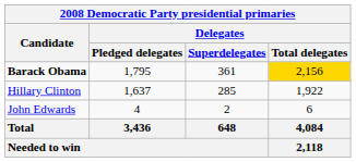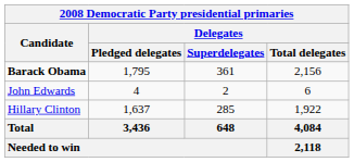 <table class=wikitable>
 <tr style="background:lightgrey;">
 <th colspan="4"><a href='#'>2008 Democratic Party presidential primaries</a></th>
 </tr>
 <tr style="background:lightgrey;">
 <th rowspan="2">Candidate</th>
 <th colspan="3"><a href='#'>Delegates</a></th>
 </tr>
 <tr style="background:lightgrey;">
 <th style="text-align:center;">Pledged delegates</th>
 <th style="text-align:center;"><a href='#'>Superdelegates</a></th>
 <th style="text-align:center;">Total delegates</th>
 </tr>
 <tr>
 <td><strong>Barack Obama</strong></td>
 <td style="text-align:center;">1,795</td>
 <td style="text-align:center;">361</td>
-<td style="background: gold; text-align:center;">2,156</td>
+<td style="text-align:center;">2,156</td>
+</tr>
+<tr>
+<td><a href='#'>John Edwards</a></td>
+<td style="text-align:center;">4</td>
+<td style="text-align:center;">2</td>
+<td style="text-align:center;">6</td>
 </tr>
 <tr>
 <td><a href='#'>Hillary Clinton</a></td>
 <td style="text-align:center;">1,637</td>
 <td style="text-align:center;">285</td>
 <td style="text-align:center;">1,922</td>
-</tr>
-<tr>
-<td><a href='#'>John Edwards</a></td>
-<td style="text-align:center;">4</td>
-<td style="text-align:center;">2</td>
-<td style="text-align:center;">6</td>
 </tr>
 <tr>
 <th style="text-align:left;">Total</th>
 <th style="text-align:center;">3,436</th>
 <th style="text-align:center;">648</th>
 <th style="text-align:center;">4,084</th>
 </tr>
 <tr>
 <th style="text-align:left;" colspan="3">Needed to win</th>
 <th style="text-align:center;">2,118</th>
 </tr>
 </table>
